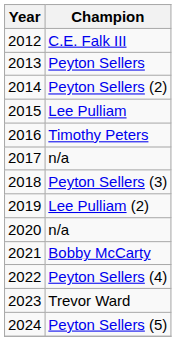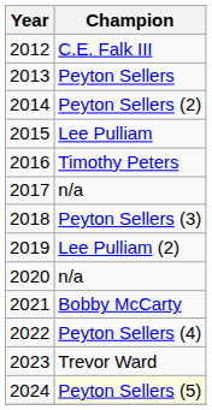 <table class="wikitable" style="font-size:90%;">
 <tr>
 <th>Year</th>
 <th>Champion</th>
 </tr>
 <tr>
 <td>2012</td>
 <td><a href='#'>C.E. Falk III</a></td>
 </tr>
 <tr>
 <td>2013</td>
 <td><a href='#'>Peyton Sellers</a></td>
 </tr>
 <tr>
 <td>2014</td>
 <td><a href='#'>Peyton Sellers</a> (2)</td>
 </tr>
 <tr>
 <td>2015</td>
 <td><a href='#'>Lee Pulliam</a></td>
 </tr>
 <tr>
 <td>2016</td>
 <td><a href='#'>Timothy Peters</a></td>
 </tr>
 <tr>
 <td>2017</td>
 <td>n/a</td>
 </tr>
 <tr>
 <td>2018</td>
 <td><a href='#'>Peyton Sellers</a> (3)</td>
 </tr>
 <tr>
 <td>2019</td>
 <td><a href='#'>Lee Pulliam</a> (2)</td>
 </tr>
 <tr>
 <td>2020</td>
 <td>n/a</td>
 </tr>
 <tr>
 <td>2021</td>
 <td><a href='#'>Bobby McCarty</a></td>
 </tr>
 <tr>
 <td>2022</td>
 <td><a href='#'>Peyton Sellers</a> (4)</td>
 </tr>
 <tr>
 <td>2023</td>
 <td>Trevor Ward</td>
 </tr>
 <tr>
 <td>2024</td>
-<td><a href='#'>Peyton Sellers</a> (5)</td>
+<td style="background: lightyellow;"><a href='#'>Peyton Sellers</a> (5)</td>
 </tr>
 <tr>
 </tr>
 </table>
